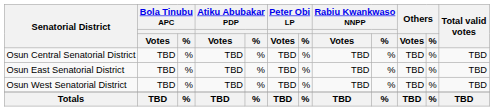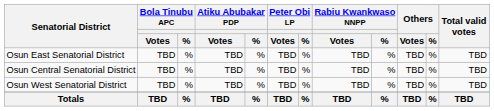 <table class="wikitable sortable" style="text-align:right; font-size:90%">
 <tr>
 <th rowspan="3" style="max-width:7.5em;">Senatorial District</th>
 <th colspan="2"><a href='#'>Bola Tinubu</a><br><small>APC</small></th>
 <th colspan="2"><a href='#'>Atiku Abubakar</a><br><small>PDP</small></th>
 <th colspan="2"><a href='#'>Peter Obi</a><br><small>LP</small></th>
 <th colspan="2"><a href='#'>Rabiu Kwankwaso</a><br><small>NNPP</small></th>
 <th colspan="2" rowspan="2">Others</th>
 <th rowspan="3" style="max-width:5em;">Total valid votes</th>
 </tr>
 <tr>
 <th colspan=2 style="background-color:"></th>
 <th colspan=2 style="background-color:"></th>
 <th colspan=2 style="background-color:"></th>
 <th colspan=2 style="background-color:"></th>
 </tr>
 <tr>
 <th>Votes</th>
 <th>%</th>
 <th>Votes</th>
 <th>%</th>
 <th>Votes</th>
 <th>%</th>
 <th>Votes</th>
 <th>%</th>
 <th>Votes</th>
 <th>%</th>
 </tr>
 <tr style="background-color:#">
-<td style="text-align:left;">Osun Central Senatorial District</td>
+<td style="text-align:left;">Osun East Senatorial District</td>
 <td>TBD</td>
 <td>%</td>
 <td>TBD</td>
 <td>%</td>
 <td>TBD</td>
 <td>%</td>
 <td>TBD</td>
 <td>%</td>
 <td>TBD</td>
 <td>%</td>
 <td>TBD</td>
 </tr>
 <tr style="background-color:#">
-<td style="text-align:left;">Osun East Senatorial District</td>
+<td style="text-align:left;">Osun Central Senatorial District</td>
 <td>TBD</td>
 <td>%</td>
 <td>TBD</td>
 <td>%</td>
 <td>TBD</td>
 <td>%</td>
 <td>TBD</td>
 <td>%</td>
 <td>TBD</td>
 <td>%</td>
 <td>TBD</td>
 </tr>
 <tr style="background-color:#">
 <td style="text-align:left;">Osun West Senatorial District</td>
 <td>TBD</td>
 <td>%</td>
 <td>TBD</td>
 <td>%</td>
 <td>TBD</td>
 <td>%</td>
 <td>TBD</td>
 <td>%</td>
 <td>TBD</td>
 <td>%</td>
 <td>TBD</td>
 </tr>
 <tr>
 </tr>
 <tr>
 <th>Totals</th>
 <th>TBD</th>
 <th>%</th>
 <th>TBD</th>
 <th>%</th>
 <th>TBD</th>
 <th>%</th>
 <th>TBD</th>
 <th>%</th>
 <th>TBD</th>
 <th>%</th>
 <th>TBD</th>
 </tr>
 </table>
